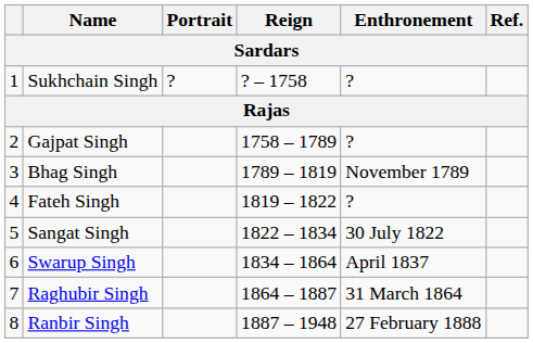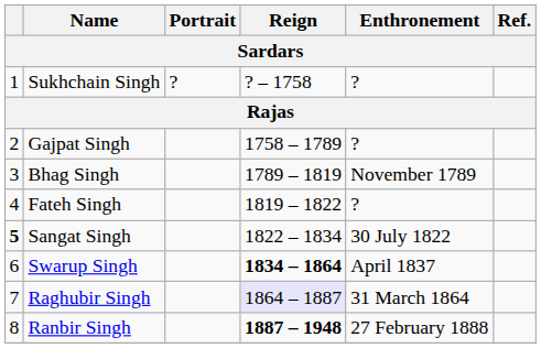 <table class="wikitable">
 <tr>
 <th></th>
 <th>Name<br></th>
 <th>Portrait</th>
 <th class="unsortable">Reign</th>
 <th>Enthronement</th>
 <th>Ref.</th>
 </tr>
 <tr>
 <th colspan="6"><strong>Sardars</strong></th>
 </tr>
 <tr>
 <td>1</td>
 <td>Sukhchain Singh<br></td>
 <td>?</td>
 <td>? – 1758</td>
 <td>?</td>
 <td></td>
 </tr>
 <tr>
 <th colspan="6">Rajas</th>
 </tr>
 <tr>
 <td>2</td>
 <td>Gajpat Singh<br></td>
 <td></td>
 <td>1758 – 1789</td>
 <td>?</td>
 <td></td>
 </tr>
 <tr>
 <td>3</td>
 <td>Bhag Singh<br></td>
 <td></td>
 <td>1789 – 1819</td>
 <td>November 1789</td>
 <td></td>
 </tr>
 <tr>
 <td>4</td>
 <td>Fateh Singh<br></td>
 <td></td>
 <td>1819 – 1822</td>
 <td>?</td>
 <td></td>
 </tr>
 <tr>
-<td>5</td>
+<td><strong>5</strong></td>
 <td>Sangat Singh<br></td>
 <td></td>
 <td>1822 – 1834</td>
 <td>30 July 1822</td>
 <td></td>
 </tr>
 <tr>
 <td>6</td>
 <td><a href='#'>Swarup Singh</a><br></td>
 <td></td>
-<td>1834 – 1864</td>
+<td><strong>1834 – 1864</strong></td>
 <td>April 1837</td>
 <td></td>
 </tr>
 <tr>
 <td>7</td>
 <td><a href='#'>Raghubir Singh</a><br></td>
 <td></td>
-<td>1864 – 1887</td>
+<td style="background: lavender;">1864 – 1887</td>
 <td>31 March 1864</td>
 <td></td>
 </tr>
 <tr>
 <td>8</td>
 <td><a href='#'>Ranbir Singh</a><br></td>
 <td></td>
-<td>1887 – 1948</td>
+<td><strong>1887 – 1948</strong></td>
 <td>27 February 1888</td>
 <td></td>
 </tr>
 <tr>
 </tr>
 </table>
